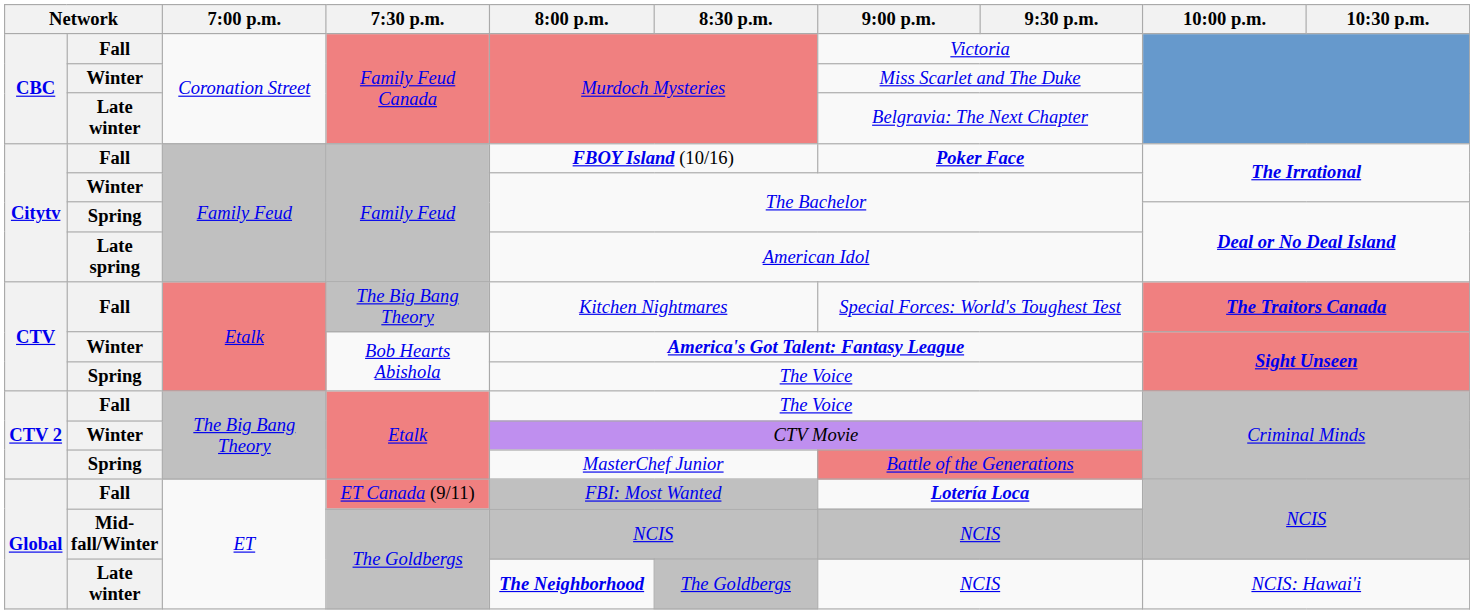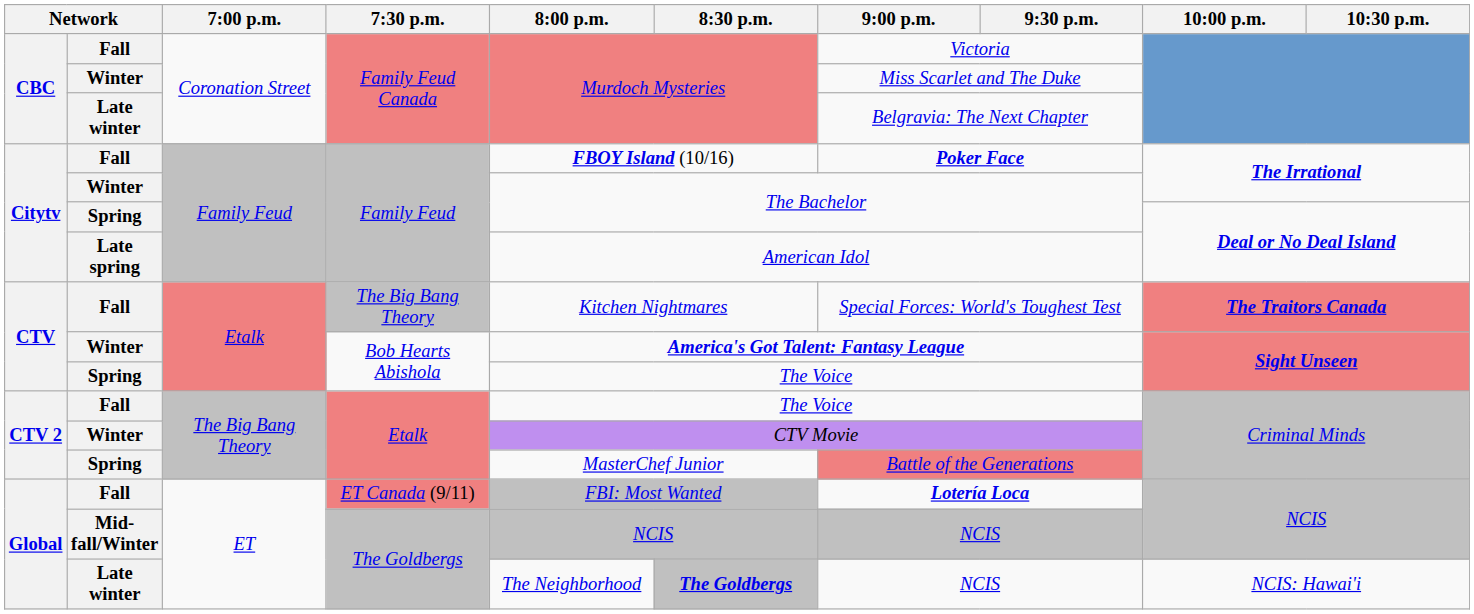 <table class=wikitable style=width:100%;margin-right:0;text-align:center>
 <tr>
 <th style=width:8% colspan=2>Network</th>
 <th style=width:11.5%>7:00 p.m.</th>
 <th style=width:11.5%>7:30 p.m.</th>
 <th style=width:11.5%>8:00 p.m.</th>
 <th style=width:11.5%>8:30 p.m.</th>
 <th style=width:11.5%>9:00 p.m.</th>
 <th style=width:11.5%>9:30 p.m.</th>
 <th style=width:11.5%>10:00 p.m.</th>
 <th style=width:11.5%>10:30 p.m.</th>
 </tr>
 <tr>
 <th rowspan=3><a href='#'>CBC</a></th>
 <th>Fall</th>
 <td rowspan=3><em><a href='#'>Coronation Street</a></em></td>
 <td style=background:#F08080 rowspan=3><em><a href='#'>Family Feud Canada</a></em> </td>
 <td colspan=2 style=background:#F08080 rowspan=3><em><a href='#'>Murdoch Mysteries</a></em> </td>
 <td colspan=2><em><a href='#'>Victoria</a></em> </td>
 <td colspan=2 style=background:#6699CC rowspan=3></td>
 </tr>
 <tr>
 <th>Winter</th>
 <td colspan=2><em><a href='#'>Miss Scarlet and The Duke</a></em> </td>
 </tr>
 <tr>
 <th>Late winter</th>
 <td colspan=2><em><a href='#'>Belgravia: The Next Chapter</a></em> </td>
 </tr>
 <tr>
 <th rowspan=4><a href='#'>Citytv</a></th>
 <th>Fall</th>
 <td style=background:#C0C0C0 rowspan=4><em><a href='#'>Family Feud</a></em> </td>
 <td style=background:#C0C0C0 rowspan=4><em><a href='#'>Family Feud</a></em> </td>
 <td colspan=2><strong><em><a href='#'>FBOY Island</a></em></strong> (10/16)</td>
 <td colspan=2><strong><em><a href='#'>Poker Face</a></em></strong> </td>
 <td colspan=2 rowspan=2><strong><em><a href='#'>The Irrational</a></em></strong> </td>
 </tr>
 <tr>
 <th>Winter</th>
 <td colspan=4 rowspan=2><em><a href='#'>The Bachelor</a></em> </td>
 </tr>
 <tr>
 <th>Spring</th>
 <td colspan=2 rowspan=2><strong><em><a href='#'>Deal or No Deal Island</a></em></strong> </td>
 </tr>
 <tr>
 <th>Late spring</th>
 <td colspan=4><em><a href='#'>American Idol</a></em> </td>
 </tr>
 <tr>
 <th rowspan=3><a href='#'>CTV</a></th>
 <th>Fall</th>
 <td style=background:#F08080 rowspan=3><em><a href='#'>Etalk</a></em></td>
 <td style=background:#C0C0C0><em><a href='#'>The Big Bang Theory</a></em> </td>
 <td colspan=2><em><a href='#'>Kitchen Nightmares</a></em> </td>
 <td colspan=2><em><a href='#'>Special Forces: World's Toughest Test</a></em> </td>
 <td style=background:#F08080 colspan=2><strong><em><a href='#'>The Traitors Canada</a></em></strong> </td>
 </tr>
 <tr>
 <th>Winter</th>
 <td rowspan=2><em><a href='#'>Bob Hearts Abishola</a></em> </td>
 <td colspan=4><strong><em><a href='#'>America's Got Talent: Fantasy League</a></em></strong> </td>
 <td colspan=2 style=background:#F08080 rowspan=2><strong><em><a href='#'>Sight Unseen</a></em></strong> </td>
 </tr>
 <tr>
 <th>Spring</th>
 <td colspan=4><em><a href='#'>The Voice</a></em> </td>
 </tr>
 <tr>
 <th rowspan=3><a href='#'>CTV 2</a></th>
 <th>Fall</th>
 <td style=background:#C0C0C0 rowspan=3><em><a href='#'>The Big Bang Theory</a></em> </td>
 <td style=background:#F08080 rowspan=3><em><a href='#'>Etalk</a></em></td>
 <td colspan=4><em><a href='#'>The Voice</a></em> </td>
 <td style=background:#C0C0C0 colspan=2 rowspan=3><em><a href='#'>Criminal Minds</a></em> </td>
 </tr>
 <tr>
 <th>Winter</th>
 <td style=background:#BF8FEF colspan=4><em>CTV Movie</em></td>
 </tr>
 <tr>
 <th>Spring</th>
 <td colspan=2><em><a href='#'>MasterChef Junior</a></em> </td>
 <td colspan=2 style=background:#F08080><em><a href='#'>Battle of the Generations</a></em> </td>
 </tr>
 <tr>
 <th rowspan=3><a href='#'>Global</a></th>
 <th>Fall</th>
 <td rowspan=3><em><a href='#'>ET</a></em> </td>
 <td style=background:#f08080><em><a href='#'>ET Canada</a></em> (9/11)</td>
 <td colspan=2 style=background:#C0C0C0><em><a href='#'>FBI: Most Wanted</a></em> </td>
 <td colspan=2><strong><em><a href='#'>Lotería Loca</a></em></strong> </td>
 <td colspan=2 style=background:#C0C0C0 rowspan=2><a href='#'><em>NCIS</em></a> </td>
 </tr>
 <tr>
 <th>Mid-fall/Winter</th>
 <td style=background:#C0C0C0 rowspan=2><em><a href='#'>The Goldbergs</a></em> </td>
 <td colspan=2 style=background:#C0C0C0><a href='#'><em>NCIS</em></a> </td>
 <td colspan=2 style=background:#C0C0C0><a href='#'><em>NCIS</em></a> </td>
 </tr>
 <tr>
 <th>Late winter</th>
-<td><strong><a href='#'><em>The Neighborhood</em></a> </strong></td>
-<td style=background:#C0C0C0><em><a href='#'>The Goldbergs</a></em> </td>
+<td><a href='#'><em>The Neighborhood</em></a> </td>
+<td style=background:#C0C0C0><strong><em><a href='#'>The Goldbergs</a></em> </strong></td>
 <td colspan=2><a href='#'><em>NCIS</em></a> </td>
 <td colspan=2><em><a href='#'>NCIS: Hawai'i</a></em> </td>
 </tr>
 </table>
